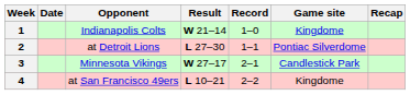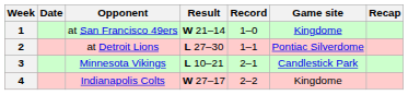 <table class="wikitable" style="text-align:center">
 <tr>
 <th>Week</th>
 <th>Date</th>
 <th>Opponent</th>
 <th>Result</th>
 <th>Record</th>
 <th>Game site</th>
 <th>Recap</th>
 </tr>
 <tr style="background:#cfc">
 <th>1</th>
 <td></td>
-<td><a href='#'>Indianapolis Colts</a></td>
+<td>at <a href='#'>San Francisco 49ers</a></td>
 <td><strong>W</strong> 21–14</td>
 <td>1–0</td>
 <td><a href='#'>Kingdome</a></td>
 <td></td>
 </tr>
 <tr style="background:#fcc; text-align:center;">
 <th>2</th>
 <td></td>
 <td>at <a href='#'>Detroit Lions</a></td>
 <td><strong>L</strong> 27–30 </td>
 <td>1–1</td>
 <td><a href='#'>Pontiac Silverdome</a></td>
 <td></td>
 </tr>
 <tr style="background:#cfc; text-align:center;">
 <th>3</th>
 <td></td>
 <td><a href='#'>Minnesota Vikings</a></td>
-<td><strong>W</strong> 27–17</td>
+<td><strong>L</strong> 10–21</td>
 <td>2–1</td>
 <td><a href='#'>Candlestick Park</a></td>
 <td></td>
 </tr>
 <tr style="background:#fcc; text-align:center;">
 <th>4</th>
 <td></td>
-<td>at <a href='#'>San Francisco 49ers</a></td>
-<td><strong>L</strong> 10–21</td>
+<td><a href='#'>Indianapolis Colts</a></td>
+<td><strong>W</strong> 27–17</td>
 <td>2–2</td>
 <td>Kingdome</td>
 <td></td>
 </tr>
 </table>
